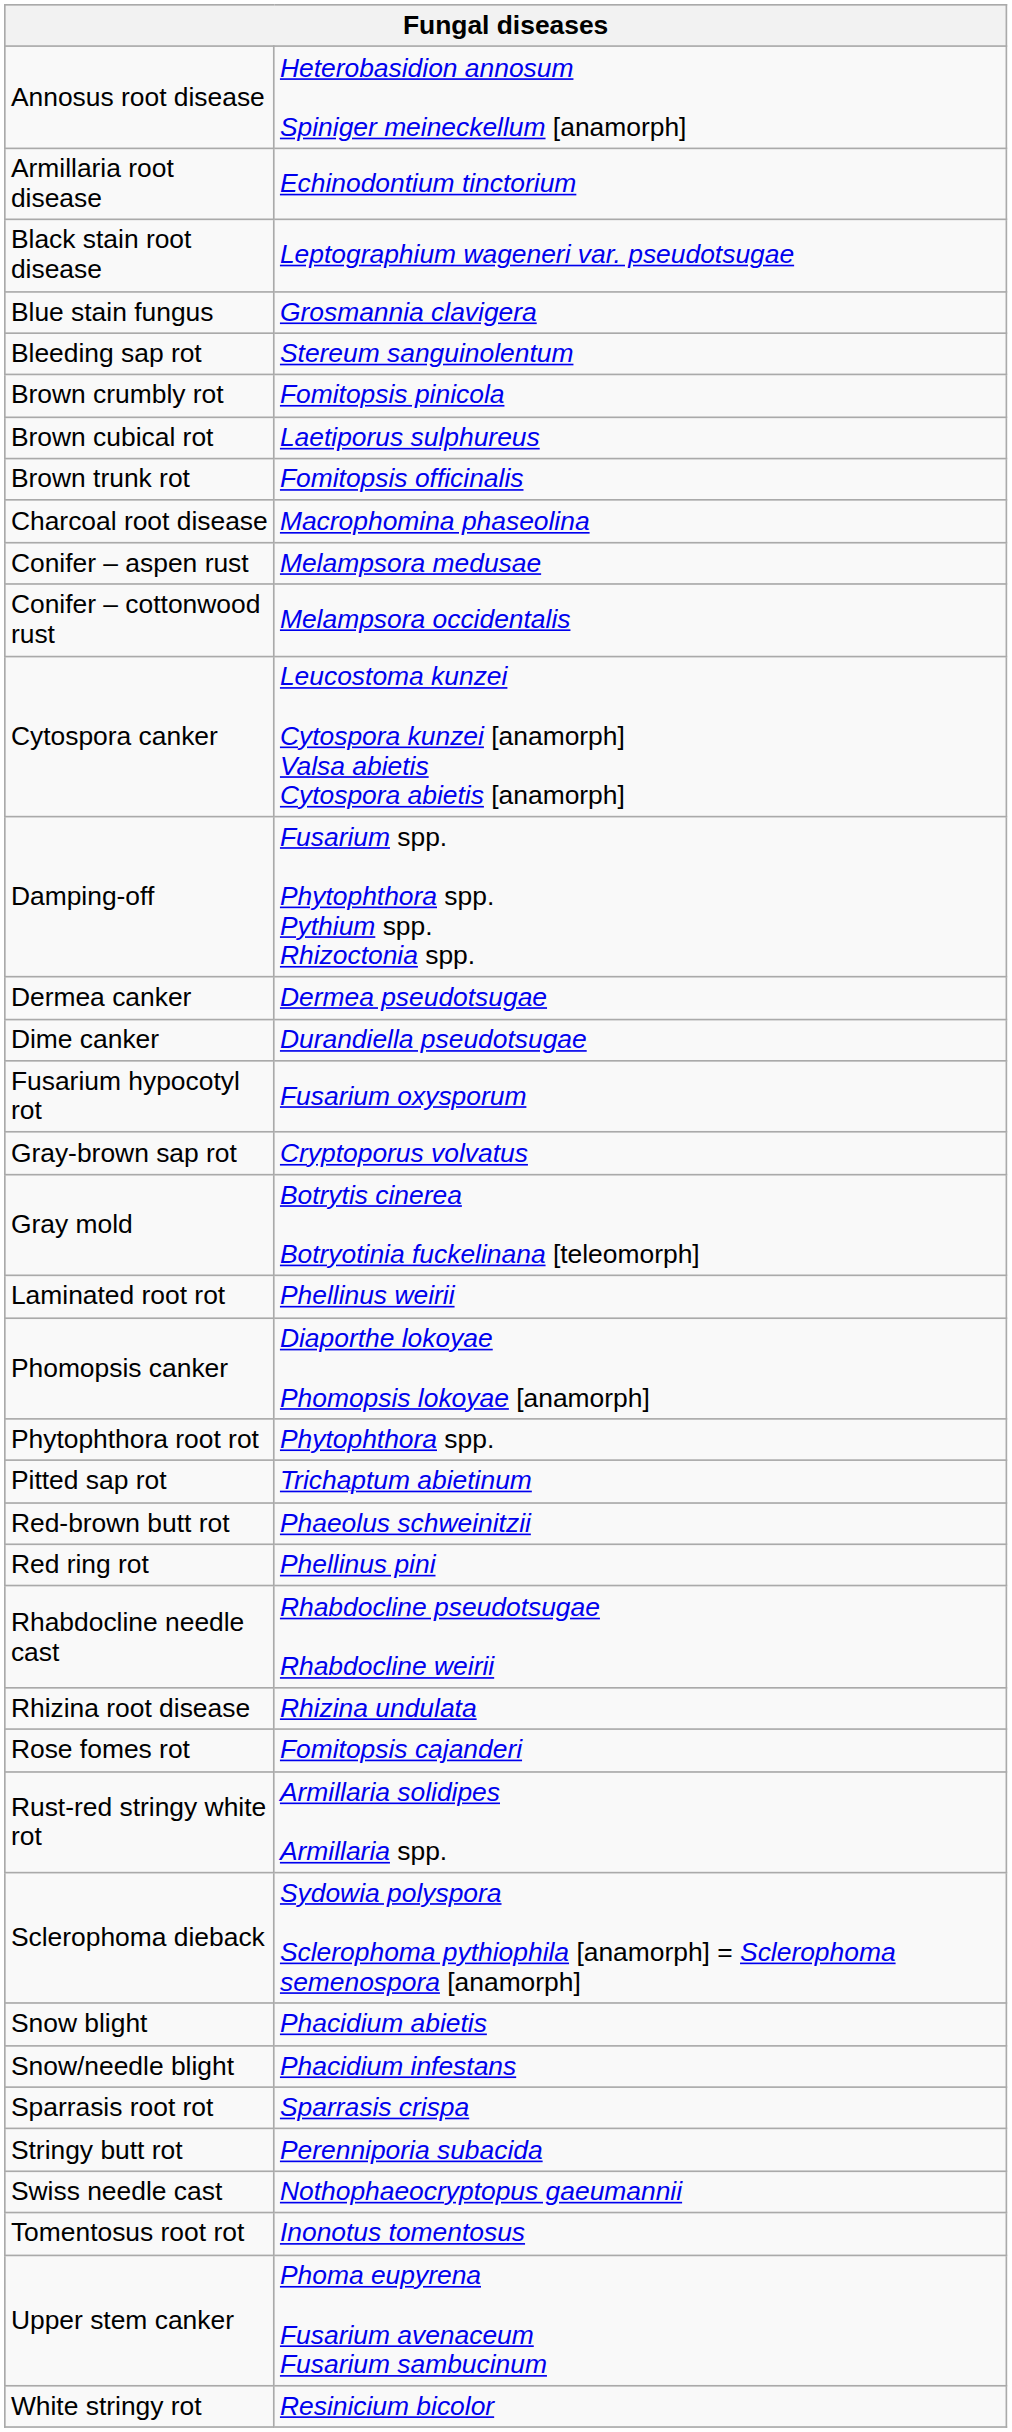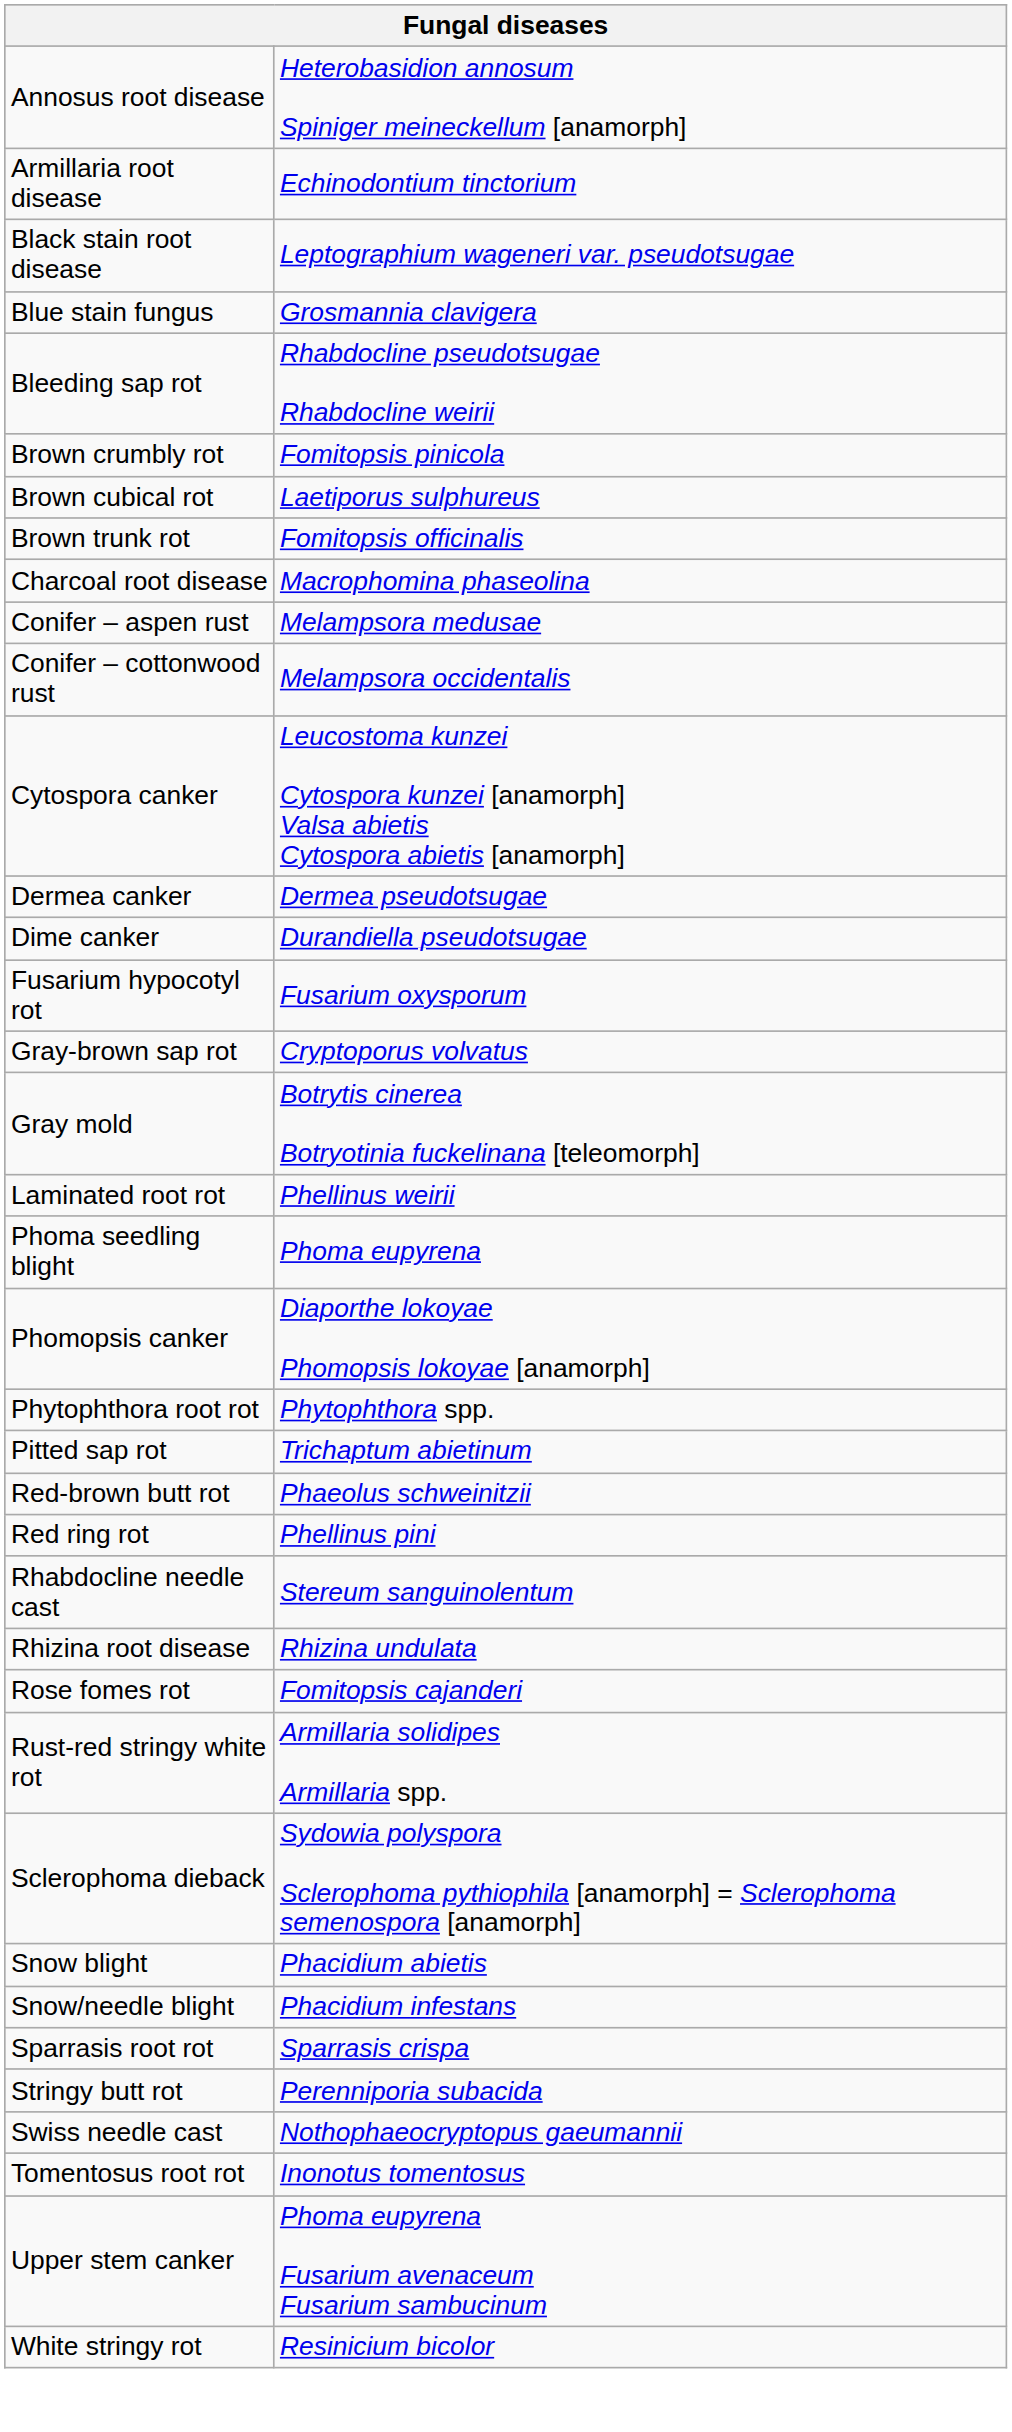 <table class="wikitable" style="clear">
 <tr>
 <th colspan=2><strong>Fungal diseases</strong><br></th>
 </tr>
 <tr>
 <td>Annosus root disease</td>
 <td><em><a href='#'>Heterobasidion annosum</a></em><br><br><em><a href='#'>Spiniger meineckellum</a></em> [anamorph]</td>
 </tr>
 <tr>
 <td>Armillaria root disease</td>
 <td><em><a href='#'>Echinodontium tinctorium</a></em></td>
 </tr>
 <tr>
 <td>Black stain root disease</td>
 <td><em><a href='#'>Leptographium wageneri var. pseudotsugae</a></em></td>
 </tr>
 <tr>
 <td>Blue stain fungus</td>
 <td><em><a href='#'>Grosmannia clavigera</a></em></td>
 </tr>
 <tr>
 <td>Bleeding sap rot</td>
-<td><em><a href='#'>Stereum sanguinolentum</a></em></td>
+<td><em><a href='#'>Rhabdocline pseudotsugae</a></em><br><br><em><a href='#'>Rhabdocline weirii</a></em></td>
 </tr>
 <tr>
 <td>Brown crumbly rot</td>
 <td><em><a href='#'>Fomitopsis pinicola</a></em></td>
 </tr>
 <tr>
 <td>Brown cubical rot</td>
 <td><em><a href='#'>Laetiporus sulphureus</a></em></td>
 </tr>
 <tr>
 <td>Brown trunk rot</td>
 <td><em><a href='#'>Fomitopsis officinalis</a></em></td>
 </tr>
 <tr>
 <td>Charcoal root disease</td>
 <td><em><a href='#'>Macrophomina phaseolina</a></em></td>
 </tr>
 <tr>
 <td>Conifer – aspen rust</td>
 <td><em><a href='#'>Melampsora medusae</a></em></td>
 </tr>
 <tr>
 <td>Conifer – cottonwood rust</td>
 <td><em><a href='#'>Melampsora occidentalis</a></em></td>
 </tr>
 <tr>
 <td>Cytospora canker</td>
 <td><em><a href='#'>Leucostoma kunzei</a></em><br><br><em><a href='#'>Cytospora kunzei</a></em> [anamorph] <br> <em><a href='#'>Valsa abietis</a></em><br> <em><a href='#'>Cytospora abietis</a></em> [anamorph]</td>
 </tr>
 <tr>
-<td>Damping-off</td>
-<td><em><a href='#'>Fusarium</a></em> spp. <br><br><em><a href='#'>Phytophthora</a></em> spp. <br> <em><a href='#'>Pythium</a></em> spp. <br> <em><a href='#'>Rhizoctonia</a></em> spp.</td>
-</tr>
-<tr>
 <td>Dermea canker</td>
 <td><em><a href='#'>Dermea pseudotsugae</a></em></td>
 </tr>
 <tr>
 <td>Dime canker</td>
 <td><em><a href='#'>Durandiella pseudotsugae</a></em></td>
 </tr>
 <tr>
 <td>Fusarium hypocotyl rot</td>
 <td><em><a href='#'>Fusarium oxysporum</a></em></td>
 </tr>
 <tr>
 <td>Gray-brown sap rot</td>
 <td><em><a href='#'>Cryptoporus volvatus</a></em></td>
 </tr>
 <tr>
 <td>Gray mold</td>
 <td><em><a href='#'>Botrytis cinerea</a></em><br><br><em><a href='#'>Botryotinia fuckelinana</a></em> [teleomorph]</td>
 </tr>
 <tr>
 <td>Laminated root rot</td>
 <td><em><a href='#'>Phellinus weirii</a></em></td>
 </tr>
 <tr>
+<td>Phoma seedling blight</td>
+<td><em><a href='#'>Phoma eupyrena</a></em></td>
+</tr>
+<tr>
 <td>Phomopsis canker</td>
 <td><em><a href='#'>Diaporthe lokoyae</a></em><br><br><em><a href='#'>Phomopsis lokoyae</a></em> [anamorph]</td>
 </tr>
 <tr>
 <td>Phytophthora root rot</td>
 <td><em><a href='#'>Phytophthora</a></em> spp.</td>
 </tr>
 <tr>
 <td>Pitted sap rot</td>
 <td><em><a href='#'>Trichaptum abietinum</a></em></td>
 </tr>
 <tr>
 <td>Red-brown butt rot</td>
 <td><em><a href='#'>Phaeolus schweinitzii</a></em></td>
 </tr>
 <tr>
 <td>Red ring rot</td>
 <td><em><a href='#'>Phellinus pini</a></em></td>
 </tr>
 <tr>
 <td>Rhabdocline needle cast</td>
-<td><em><a href='#'>Rhabdocline pseudotsugae</a></em><br><br><em><a href='#'>Rhabdocline weirii</a></em></td>
+<td><em><a href='#'>Stereum sanguinolentum</a></em></td>
 </tr>
 <tr>
 <td>Rhizina root disease</td>
 <td><em><a href='#'>Rhizina undulata</a></em></td>
 </tr>
 <tr>
 <td>Rose fomes rot</td>
 <td><em><a href='#'>Fomitopsis cajanderi</a></em></td>
 </tr>
 <tr>
 <td>Rust-red stringy white rot</td>
 <td><em><a href='#'>Armillaria solidipes</a></em><br><br><em><a href='#'>Armillaria</a></em> spp.</td>
 </tr>
 <tr>
 <td>Sclerophoma dieback</td>
 <td><em><a href='#'>Sydowia polyspora</a></em><br><br><em><a href='#'>Sclerophoma pythiophila</a></em> [anamorph] = <em><a href='#'>Sclerophoma semenospora</a></em> [anamorph]</td>
 </tr>
 <tr>
 <td>Snow blight</td>
 <td><em><a href='#'>Phacidium abietis</a></em></td>
 </tr>
 <tr>
 <td>Snow/needle blight</td>
 <td><em><a href='#'>Phacidium infestans</a></em></td>
 </tr>
 <tr>
 <td>Sparrasis root rot</td>
 <td><em><a href='#'>Sparrasis crispa</a></em></td>
 </tr>
 <tr>
 <td>Stringy butt rot</td>
 <td><em><a href='#'>Perenniporia subacida</a></em></td>
 </tr>
 <tr>
 <td>Swiss needle cast</td>
 <td><em><a href='#'>Nothophaeocryptopus gaeumannii</a></em></td>
 </tr>
 <tr>
 <td>Tomentosus root rot</td>
 <td><em><a href='#'>Inonotus tomentosus</a></em></td>
 </tr>
 <tr>
 <td>Upper stem canker</td>
 <td><em><a href='#'>Phoma eupyrena</a></em><br><br><em><a href='#'>Fusarium avenaceum</a></em><br> <em><a href='#'>Fusarium sambucinum</a></em></td>
 </tr>
 <tr>
 <td>White stringy rot</td>
 <td><em><a href='#'>Resinicium bicolor</a></em></td>
 </tr>
 </table>
